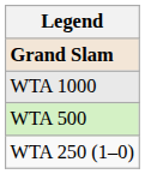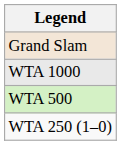 <table class="wikitable" style="font-size:90%">
 <tr>
 <th>Legend</th>
 </tr>
 <tr>
-<td style="background:#f3e6d7;"><strong>Grand Slam</strong></td>
+<td style="background:#f3e6d7;">Grand Slam</td>
 </tr>
 <tr>
 <td style="background:#e9e9e9;">WTA 1000</td>
 </tr>
 <tr>
 <td style="background:#d4f1c5;">WTA 500</td>
 </tr>
 <tr>
 <td>WTA 250 (1–0)</td>
 </tr>
 </table>
